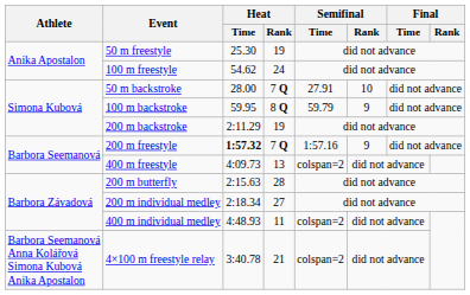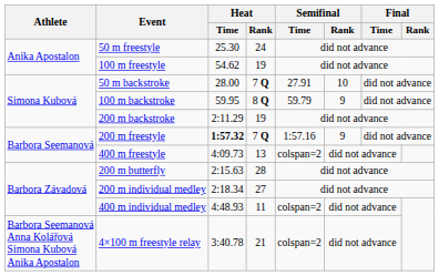 <table class="wikitable" style="text-align:center; font-size:90%">
 <tr>
 <th rowspan="2">Athlete</th>
 <th rowspan="2">Event</th>
 <th colspan="2">Heat</th>
 <th colspan="2">Semifinal</th>
 <th colspan="2">Final</th>
 </tr>
 <tr style="font-size:95%">
 <th>Time</th>
 <th>Rank</th>
 <th>Time</th>
 <th>Rank</th>
 <th>Time</th>
 <th>Rank</th>
 </tr>
 <tr>
 <td align=left rowspan=2><a href='#'>Anika Apostalon</a></td>
 <td align=left><a href='#'>50 m freestyle</a></td>
 <td>25.30</td>
-<td>19</td>
+<td>24</td>
 <td colspan=4>did not advance</td>
 </tr>
 <tr>
 <td align=left><a href='#'>100 m freestyle</a></td>
 <td>54.62</td>
-<td>24</td>
+<td>19</td>
 <td colspan=4>did not advance</td>
 </tr>
 <tr>
 <td align=left rowspan=3><a href='#'>Simona Kubová</a></td>
 <td align=left><a href='#'>50 m backstroke</a></td>
 <td>28.00</td>
 <td>7 <strong>Q</strong></td>
 <td>27.91</td>
 <td>10</td>
 <td colspan=2>did not advance</td>
 </tr>
 <tr>
 <td align=left><a href='#'>100 m backstroke</a></td>
 <td>59.95</td>
 <td>8 <strong>Q</strong></td>
 <td>59.79</td>
 <td>9</td>
 <td colspan=2>did not advance</td>
 </tr>
 <tr>
 <td align=left><a href='#'>200 m backstroke</a></td>
 <td>2:11.29</td>
 <td>19</td>
 <td colspan=4>did not advance</td>
 </tr>
 <tr>
 <td align=left rowspan=2><a href='#'>Barbora Seemanová</a></td>
 <td align=left><a href='#'>200 m freestyle</a></td>
 <td><strong>1:57.32</strong></td>
 <td>7 <strong>Q</strong></td>
 <td>1:57.16</td>
 <td>9</td>
 <td colspan=2>did not advance</td>
 </tr>
 <tr>
 <td align=left><a href='#'>400 m freestyle</a></td>
 <td>4:09.73</td>
 <td>13</td>
 <td>colspan=2 </td>
 <td colspan=2>did not advance</td>
 </tr>
 <tr>
 <td align=left rowspan=3><a href='#'>Barbora Závadová</a></td>
 <td align=left><a href='#'>200 m butterfly</a></td>
 <td>2:15.63</td>
 <td>28</td>
 <td colspan=4>did not advance</td>
 </tr>
 <tr>
 <td align=left><a href='#'>200 m individual medley</a></td>
 <td>2:18.34</td>
 <td>27</td>
 <td colspan=4>did not advance</td>
 </tr>
 <tr>
 <td align=left><a href='#'>400 m individual medley</a></td>
 <td>4:48.93</td>
 <td>11</td>
 <td>colspan=2 </td>
 <td colspan=2>did not advance</td>
 </tr>
 <tr>
 <td align=left><a href='#'>Barbora Seemanová</a><br><a href='#'>Anna Kolářová</a><br><a href='#'>Simona Kubová</a><br><a href='#'>Anika Apostalon</a></td>
 <td align=left><a href='#'>4×100 m freestyle relay</a></td>
 <td>3:40.78</td>
 <td>21</td>
 <td>colspan=2 </td>
 <td colspan=2>did not advance</td>
 </tr>
 </table>
